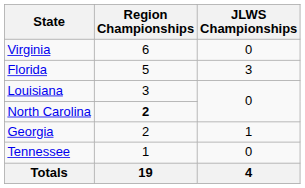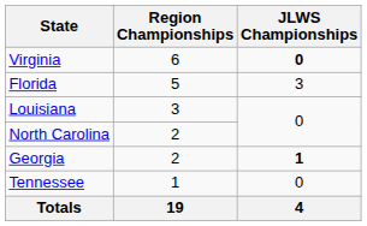 <table class="wikitable">
 <tr>
 <th>State</th>
 <th>Region<br>Championships</th>
 <th>JLWS<br>Championships</th>
 </tr>
 <tr>
 <td> <a href='#'>Virginia</a></td>
 <td align=center>6</td>
-<td align=center>0</td>
+<td align=center><strong>0</strong></td>
 </tr>
 <tr>
 <td> <a href='#'>Florida</a></td>
 <td align=center>5</td>
 <td align=center>3</td>
 </tr>
 <tr>
 <td> <a href='#'>Louisiana</a></td>
 <td align=center>3</td>
 <td align=center rowspan=2>0</td>
 </tr>
 <tr>
 <td> <a href='#'>North Carolina</a></td>
-<td align=center><strong>2</strong></td>
+<td align=center>2</td>
 </tr>
 <tr>
 <td> <a href='#'>Georgia</a></td>
 <td align=center>2</td>
-<td align=center>1</td>
+<td align=center><strong>1</strong></td>
 </tr>
 <tr>
 <td> <a href='#'>Tennessee</a></td>
 <td align=center>1</td>
 <td align=center>0</td>
 </tr>
 <tr>
 <th>Totals</th>
 <th>19</th>
 <th>4</th>
 </tr>
 </table>
